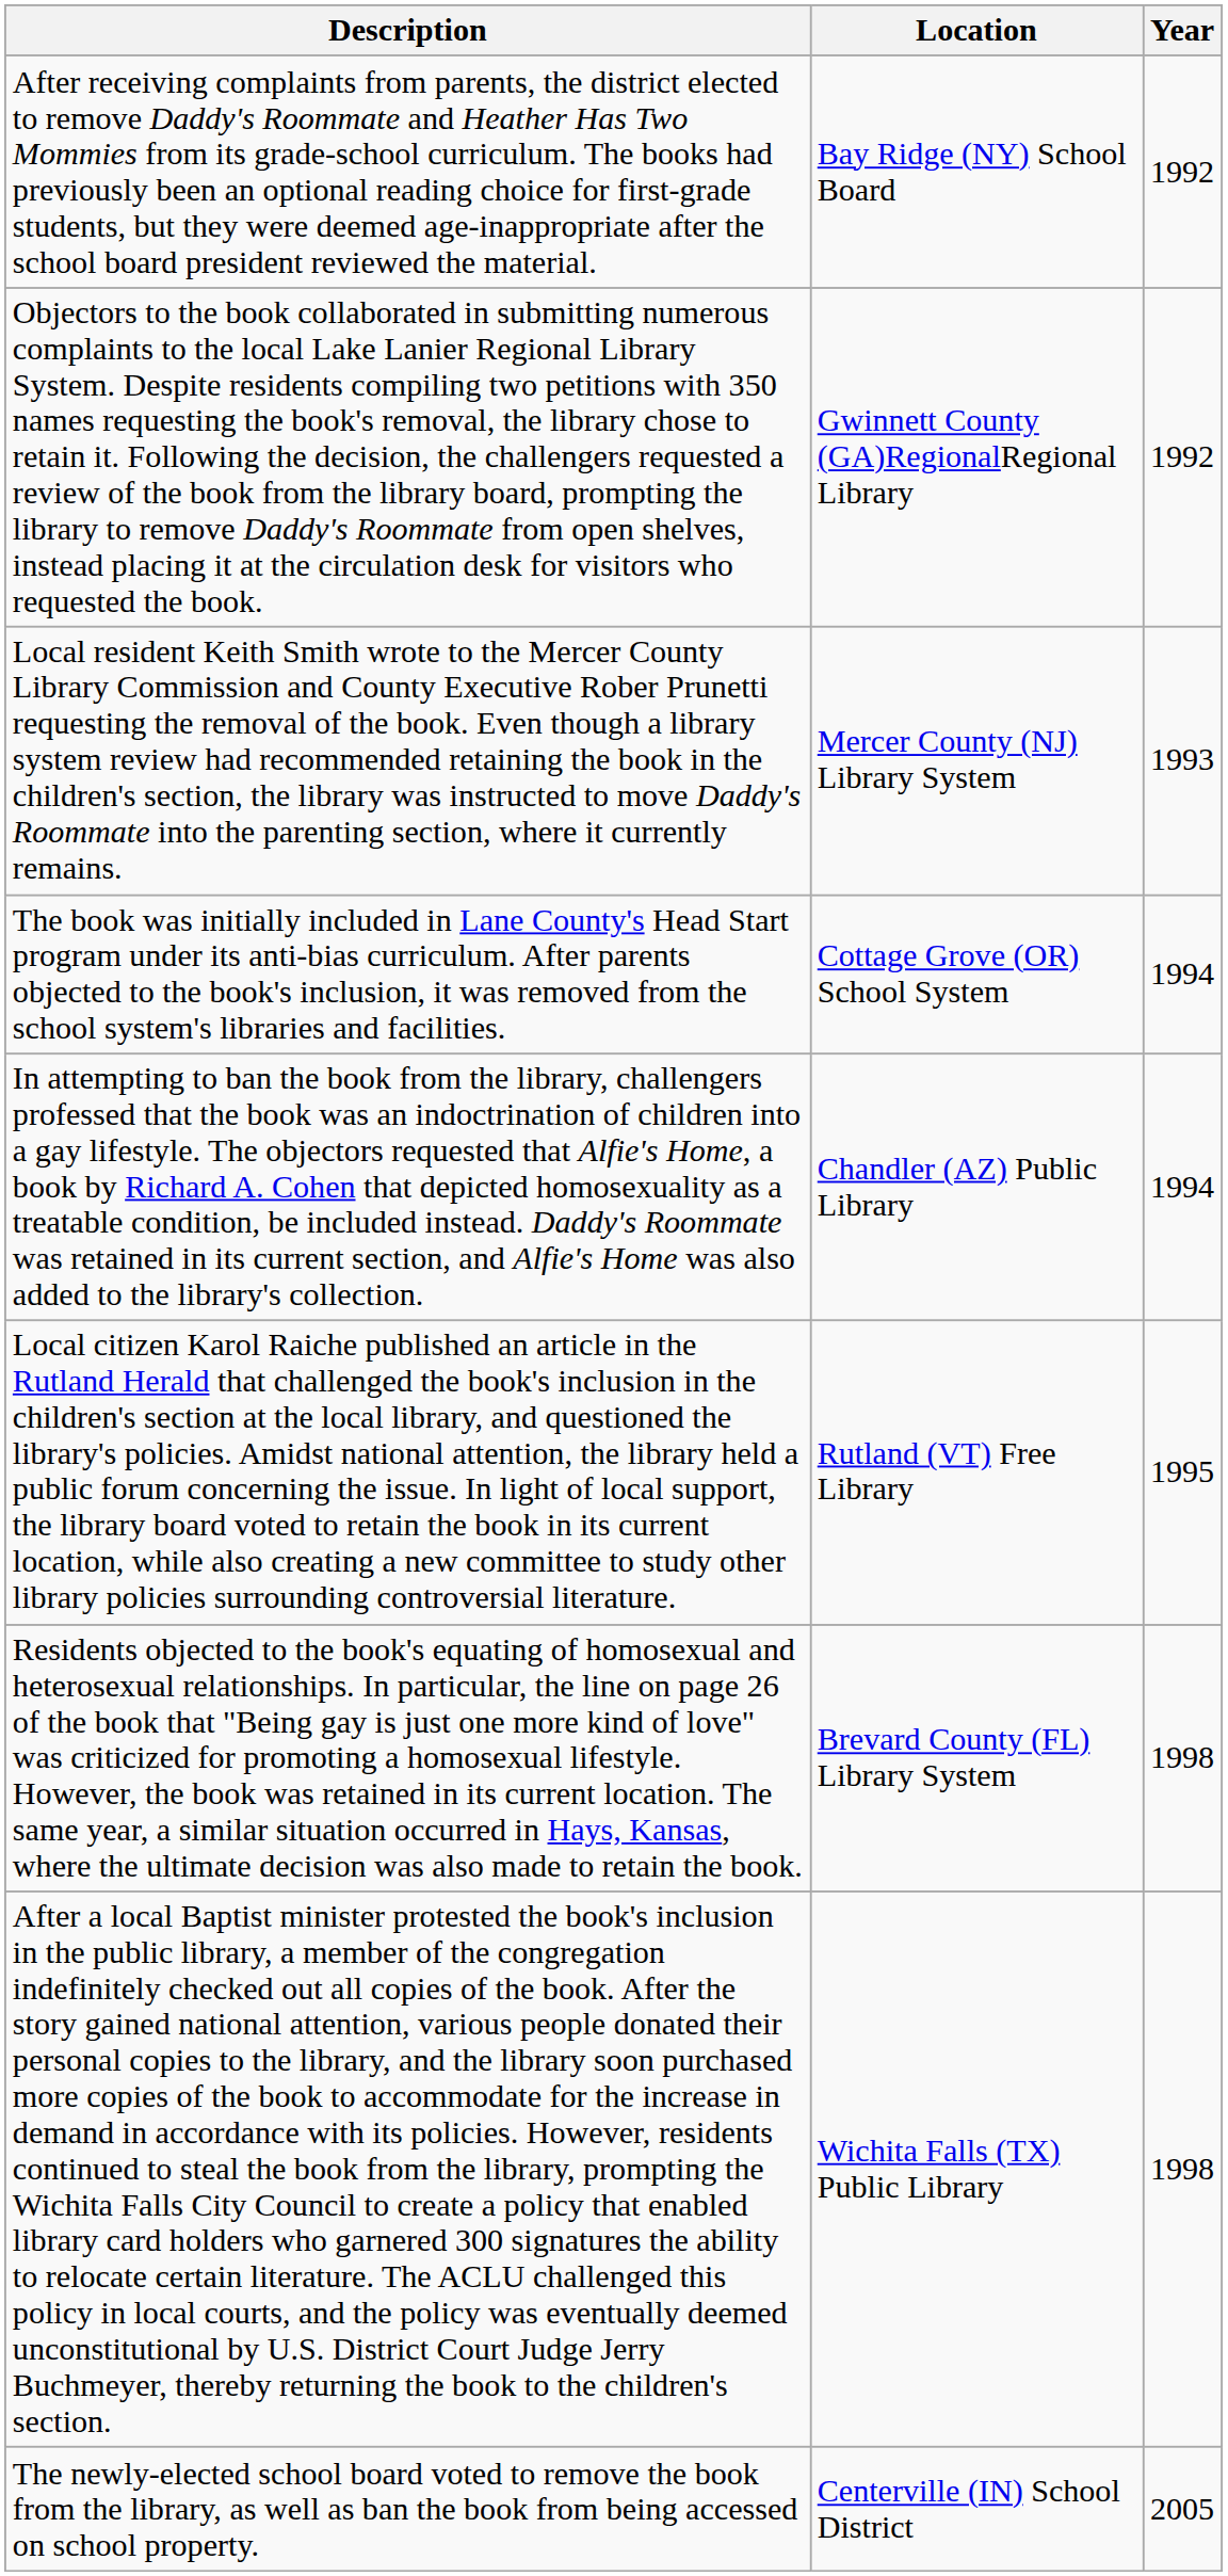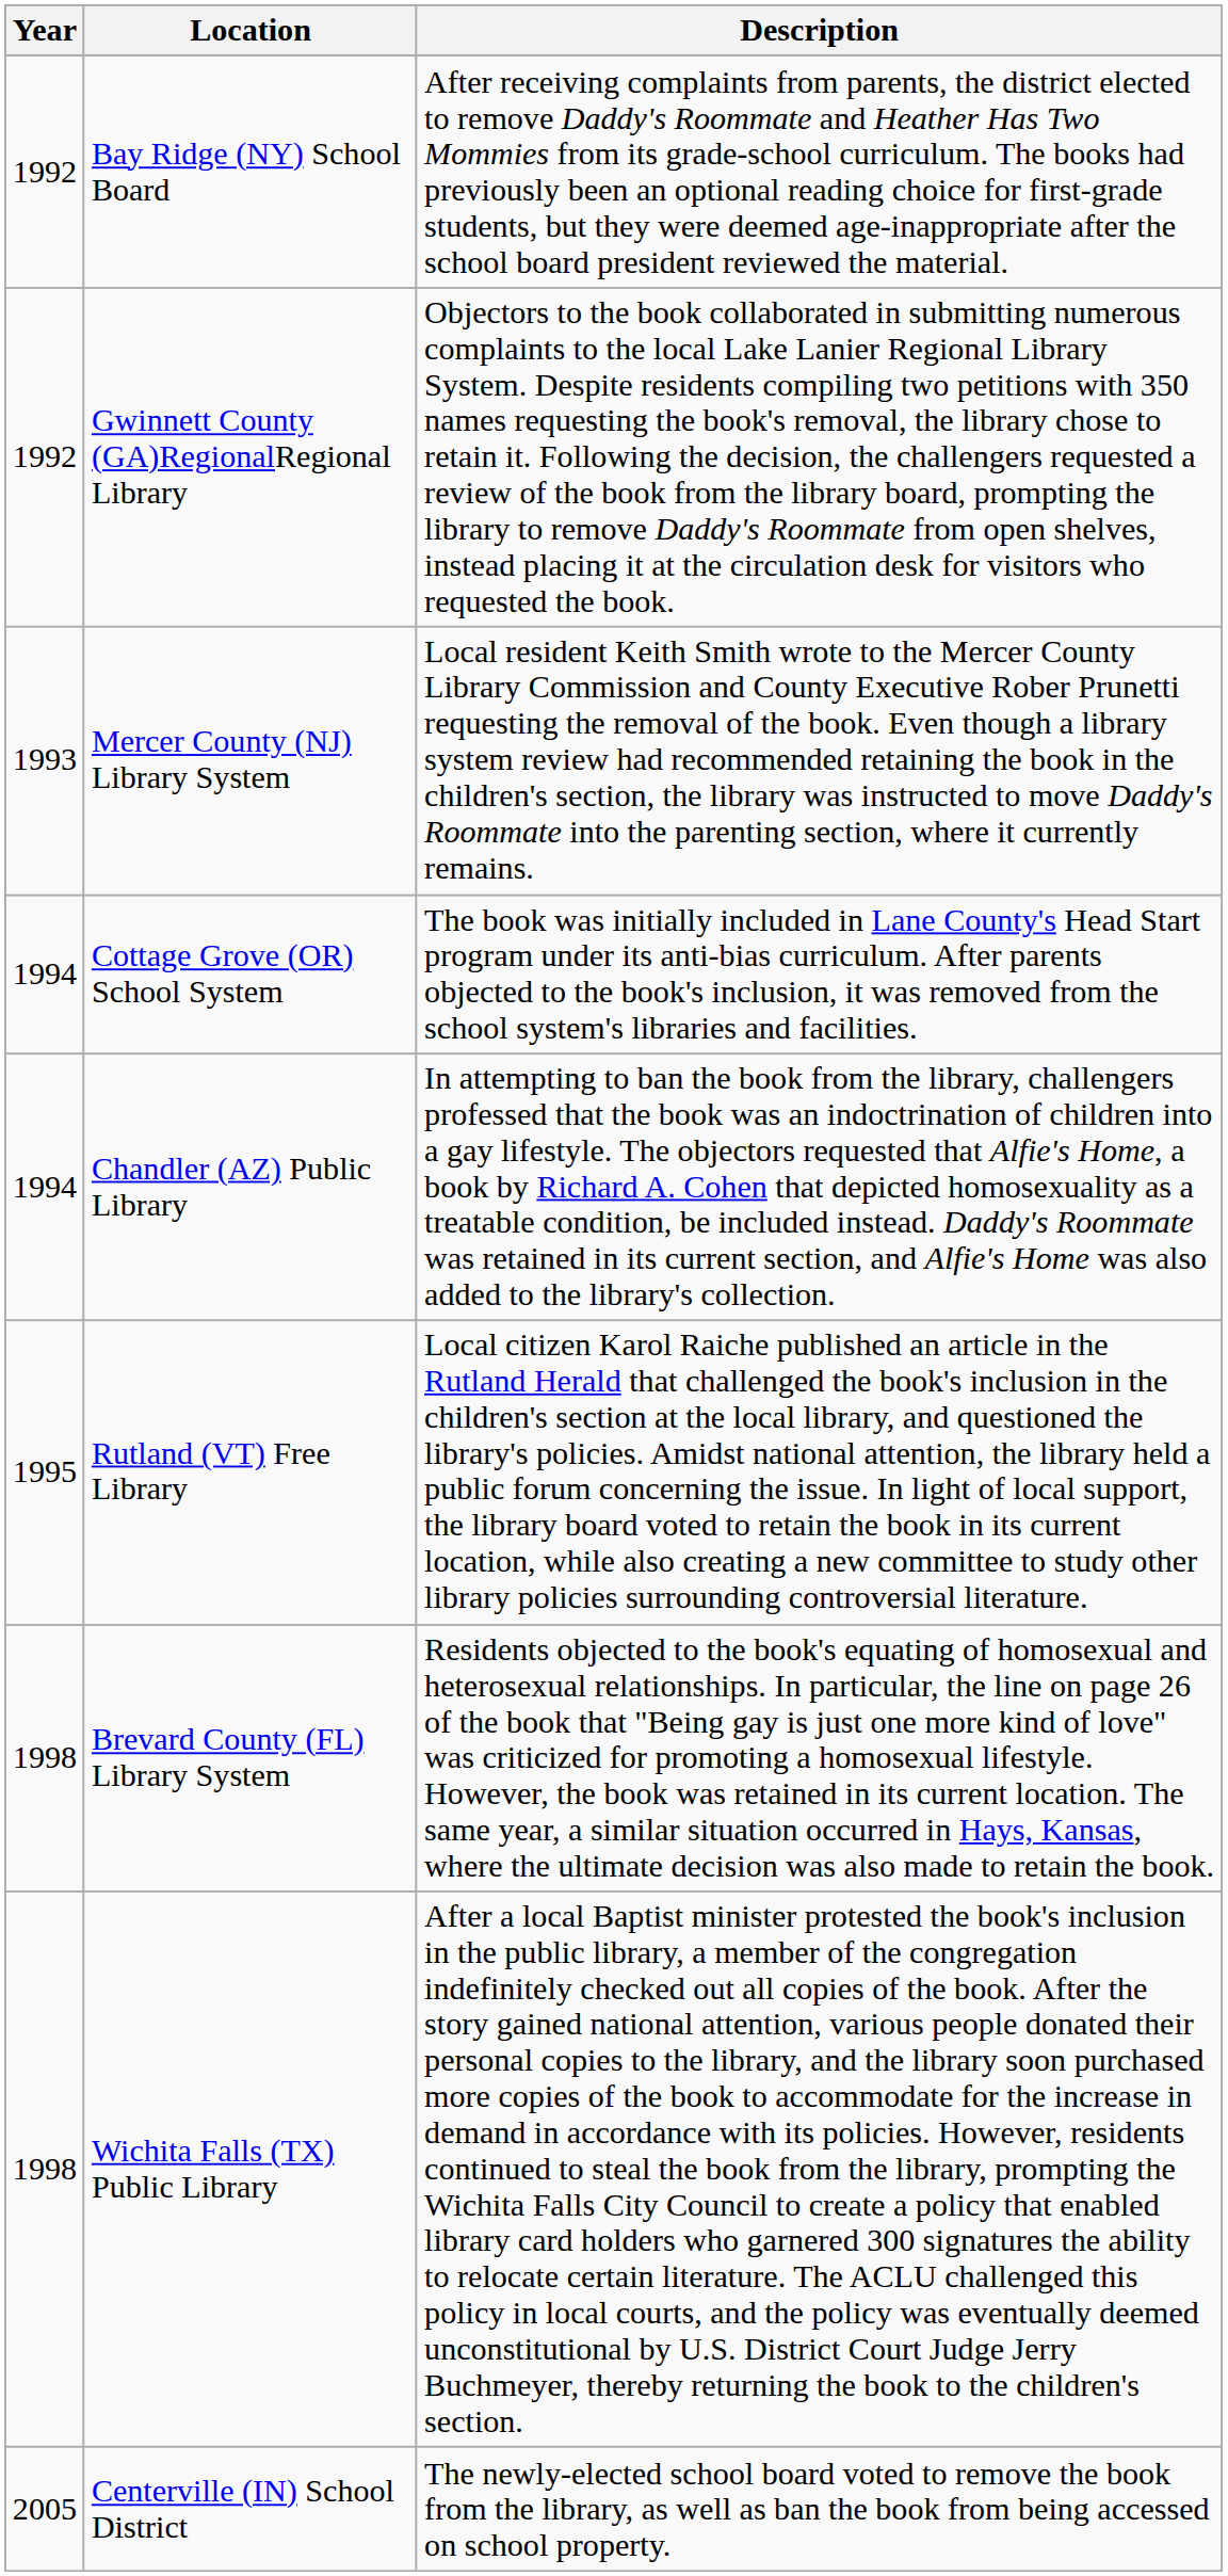 <table class="wikitable sortable mw-collapsible">
 <tr>
+<th>Year</th>
+<th>Location</th>
 <th>Description</th>
-<th>Location</th>
-<th>Year</th>
 </tr>
 <tr>
+<td>1992</td>
+<td><a href='#'>Bay Ridge (NY)</a> School Board</td>
 <td>After receiving complaints from parents, the district elected to remove <em>Daddy's Roommate</em> and <em>Heather Has Two Mommies</em> from its grade-school curriculum. The books had previously been an optional reading choice for first-grade students, but they were deemed age-inappropriate after the school board president reviewed the material.</td>
-<td><a href='#'>Bay Ridge (NY)</a> School Board</td>
-<td>1992</td>
 </tr>
 <tr>
+<td>1992</td>
+<td><a href='#'>Gwinnett County (GA)Regional</a>Regional Library</td>
 <td>Objectors to the book collaborated in submitting numerous complaints to the local Lake Lanier Regional Library System. Despite residents compiling two petitions with 350 names requesting the book's removal, the library chose to retain it. Following the decision, the challengers requested a review of the book from the library board, prompting the library to remove <em>Daddy's Roommate</em> from open shelves, instead placing it at the circulation desk for visitors who requested the book.</td>
-<td><a href='#'>Gwinnett County (GA)Regional</a>Regional Library</td>
-<td>1992</td>
 </tr>
 <tr>
+<td>1993</td>
+<td><a href='#'>Mercer County (NJ)</a> Library System</td>
 <td>Local resident Keith Smith wrote to the Mercer County Library Commission and County Executive Rober Prunetti requesting the removal of the book. Even though a library system review had recommended retaining the book in the children's section, the library was instructed to move <em>Daddy's Roommate</em> into the parenting section, where it currently remains.</td>
-<td><a href='#'>Mercer County (NJ)</a> Library System</td>
-<td>1993</td>
 </tr>
 <tr>
+<td>1994</td>
+<td><a href='#'>Cottage Grove (OR)</a> School System</td>
 <td>The book was initially included in <a href='#'>Lane County's</a> Head Start program under its anti-bias curriculum. After parents objected to the book's inclusion, it was removed from the school system's libraries and facilities.</td>
-<td><a href='#'>Cottage Grove (OR)</a> School System</td>
-<td>1994</td>
 </tr>
 <tr>
+<td>1994</td>
+<td><a href='#'>Chandler (AZ)</a> Public Library</td>
 <td>In attempting to ban the book from the library, challengers professed that the book was an indoctrination of children into a gay lifestyle. The objectors requested that <em>Alfie's Home</em>, a book by <a href='#'>Richard A. Cohen</a> that depicted homosexuality as a treatable condition, be included instead. <em>Daddy's Roommate</em> was retained in its current section, and <em>Alfie's Home</em> was also added to the library's collection.</td>
-<td><a href='#'>Chandler (AZ)</a> Public Library</td>
-<td>1994</td>
 </tr>
 <tr>
+<td>1995</td>
+<td><a href='#'>Rutland (VT)</a> Free Library</td>
 <td>Local citizen Karol Raiche published an article in the <a href='#'>Rutland Herald</a> that challenged the book's inclusion in the children's section at the local library, and questioned the library's policies. Amidst national attention, the library held a public forum concerning the issue. In light of local support, the library board voted to retain the book in its current location, while also creating a new committee to study other library policies surrounding controversial literature.</td>
-<td><a href='#'>Rutland (VT)</a> Free Library</td>
-<td>1995</td>
 </tr>
 <tr>
+<td>1998</td>
+<td><a href='#'>Brevard County (FL)</a> Library System</td>
 <td>Residents objected to the book's equating of homosexual and heterosexual relationships. In particular, the line on page 26 of the book that "Being gay is just one more kind of love" was criticized for promoting a homosexual lifestyle. However, the book was retained in its current location. The same year, a similar situation occurred in <a href='#'>Hays, Kansas</a>, where the ultimate decision was also made to retain the book.</td>
-<td><a href='#'>Brevard County (FL)</a> Library System</td>
-<td>1998</td>
 </tr>
 <tr>
+<td>1998</td>
+<td><a href='#'>Wichita Falls (TX)</a> Public Library</td>
 <td>After a local Baptist minister protested the book's inclusion in the public library, a member of the congregation indefinitely checked out all copies of the book. After the story gained national attention, various people donated their personal copies to the library, and the library soon purchased more copies of the book to accommodate for the increase in demand in accordance with its policies. However, residents continued to steal the book from the library, prompting the Wichita Falls City Council to create a policy that enabled library card holders who garnered 300 signatures the ability to relocate certain literature. The ACLU challenged this policy in local courts, and the policy was eventually deemed unconstitutional by U.S. District Court Judge Jerry Buchmeyer, thereby returning the book to the children's section.</td>
-<td><a href='#'>Wichita Falls (TX)</a> Public Library</td>
-<td>1998</td>
 </tr>
 <tr>
+<td>2005</td>
+<td><a href='#'>Centerville (IN)</a> School District</td>
 <td>The newly-elected school board voted to remove the book from the library, as well as ban the book from being accessed on school property.</td>
-<td><a href='#'>Centerville (IN)</a> School District</td>
-<td>2005</td>
 </tr>
 </table>
